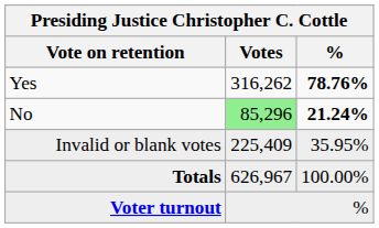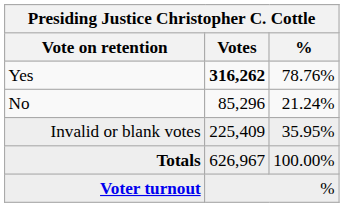 <table class="wikitable" style="font-size: 95%;">
 <tr style="background-color:#E9E9E9">
 <th colspan=7>Presiding Justice Christopher C. Cottle</th>
 </tr>
 <tr style="background-color:#E9E9E9">
 <th style="width: 170px">Vote on retention</th>
 <th style="width: 50px">Votes</th>
 <th style="width: 40px">%</th>
 </tr>
 <tr>
 <td>Yes</td>
-<td align="right">316,262</td>
-<td align="right"><strong>78.76%</strong></td>
+<td align="right"><strong>316,262</strong></td>
+<td align="right">78.76%</td>
 </tr>
 <tr>
 <td>No</td>
-<td align="right" style="background: lightgreen;">85,296</td>
-<td align="right"><strong>21.24%</strong></td>
+<td align="right">85,296</td>
+<td align="right">21.24%</td>
 </tr>
 <tr style="background-color:#EEEEEE">
 <td align="right">Invalid or blank votes</td>
 <td align="right">225,409</td>
 <td align="right">35.95%</td>
 </tr>
 <tr style="background-color:#EEEEEE">
 <td colspan="1" align="right"><strong>Totals</strong></td>
 <td align="right">626,967</td>
 <td align="right">100.00%</td>
 </tr>
 <tr style="background-color:#EEEEEE">
 <td align="right"><strong><a href='#'>Voter turnout</a></strong></td>
 <td colspan="2" align="right">%</td>
 </tr>
 </table>
